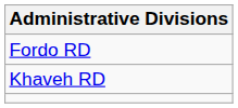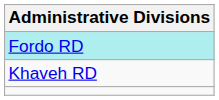 <table class="wikitable">
 <tr>
 <th>Administrative Divisions</th>
 </tr>
 <tr>
-<td><a href='#'>Fordo RD</a></td>
+<td style="background: paleturquoise;"><a href='#'>Fordo RD</a></td>
 </tr>
 <tr>
 <td><a href='#'>Khaveh RD</a></td>
 </tr>
 <tr>
 <td colspan=1></td>
 </tr>
 </table>
